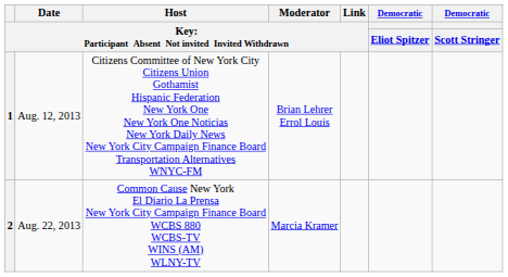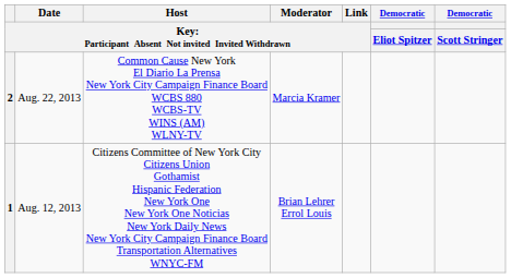 <table class="wikitable" style="text-align:center;">
 <tr>
 <th scope="col"></th>
 <th scope="col">Date</th>
 <th scope="col">Host</th>
 <th scope="col">Moderator</th>
 <th scope="col">Link</th>
 <th scope="col"><small><a href='#'>Democratic</a></small></th>
 <th scope="col"><small><a href='#'>Democratic</a></small></th>
 </tr>
 <tr>
 <th colspan="5" rowspan="2">Key:<br> <small>Participant </small>  <small>Absent </small>  <small>Not invited </small>  <small>Invited  Withdrawn</small></th>
 <th scope="col" style="background:"></th>
 <th scope="col" style="background:"></th>
 </tr>
 <tr>
 <th scope="col"><a href='#'>Eliot Spitzer</a></th>
 <th scope="col"><a href='#'>Scott Stringer</a></th>
 </tr>
 <tr>
+<th>2</th>
+<td style="white-space:nowrap;">Aug. 22, 2013</td>
+<td style="white-space:nowrap;"><a href='#'>Common Cause</a> New York<br><a href='#'>El Diario La Prensa</a><br><a href='#'>New York City Campaign Finance Board</a><br><a href='#'>WCBS 880</a><br><a href='#'>WCBS-TV</a><br><a href='#'>WINS (AM)</a><br><a href='#'>WLNY-TV</a></td>
+<td style="white-space:nowrap;"><a href='#'>Marcia Kramer</a></td>
+<td style="white-space:nowrap;"></td>
+<td></td>
+<td></td>
+</tr>
+<tr>
 <th>1</th>
 <td style="white-space:nowrap;">Aug. 12, 2013</td>
 <td style="white-space:nowrap;">Citizens Committee of New York City<br><a href='#'>Citizens Union</a><br><a href='#'>Gothamist</a><br><a href='#'>Hispanic Federation</a><br><a href='#'>New York One</a><br><a href='#'>New York One Noticias</a><br><a href='#'>New York Daily News</a><br><a href='#'>New York City Campaign Finance Board</a><br><a href='#'>Transportation Alternatives</a><br><a href='#'>WNYC-FM</a></td>
 <td style="white-space:nowrap;"><a href='#'>Brian Lehrer</a><br><a href='#'>Errol Louis</a></td>
 <td style="white-space:nowrap;"></td>
 <td></td>
 <td></td>
 </tr>
-<tr>
-<th>2</th>
-<td style="white-space:nowrap;">Aug. 22, 2013</td>
-<td style="white-space:nowrap;"><a href='#'>Common Cause</a> New York<br><a href='#'>El Diario La Prensa</a><br><a href='#'>New York City Campaign Finance Board</a><br><a href='#'>WCBS 880</a><br><a href='#'>WCBS-TV</a><br><a href='#'>WINS (AM)</a><br><a href='#'>WLNY-TV</a></td>
-<td style="white-space:nowrap;"><a href='#'>Marcia Kramer</a></td>
-<td style="white-space:nowrap;"></td>
-<td></td>
-<td></td>
-</tr>
 </table>
